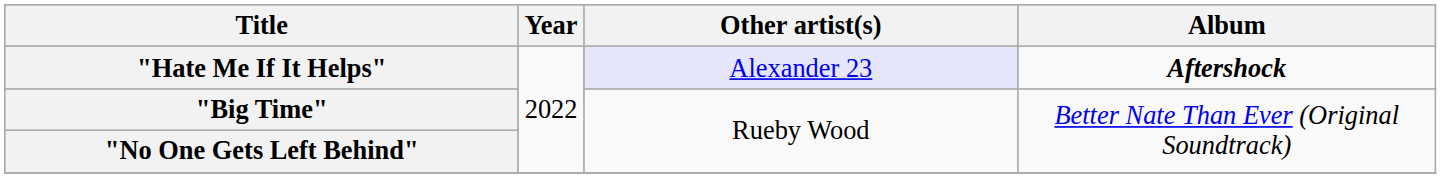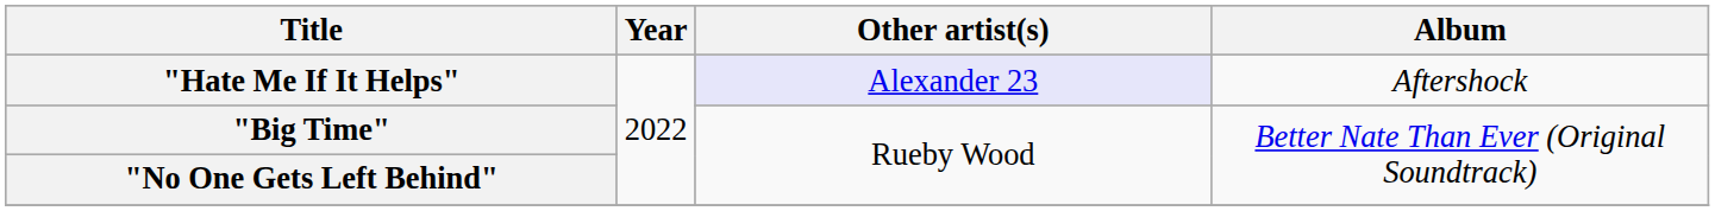 <table class="wikitable plainrowheaders" style="text-align:center;">
 <tr>
 <th scope="col" style="width:19em;">Title</th>
 <th scope="col" style="width:1em;">Year</th>
 <th scope="col" style="width:16em;">Other artist(s)</th>
 <th scope="col">Album</th>
 </tr>
 <tr>
 <th scope="row">"Hate Me If It Helps"</th>
 <td rowspan="3">2022</td>
 <td style="background: lavender;"><a href='#'>Alexander 23</a></td>
-<td><strong><em>Aftershock</em></strong></td>
+<td><em>Aftershock</em></td>
 </tr>
 <tr>
 <th scope="row">"Big Time"</th>
 <td rowspan="2">Rueby Wood</td>
 <td rowspan="2"><em><a href='#'>Better Nate Than Ever</a> (Original Soundtrack)</em></td>
 </tr>
 <tr>
 <th scope="row">"No One Gets Left Behind"</th>
 </tr>
 <tr>
 </tr>
 </table>
